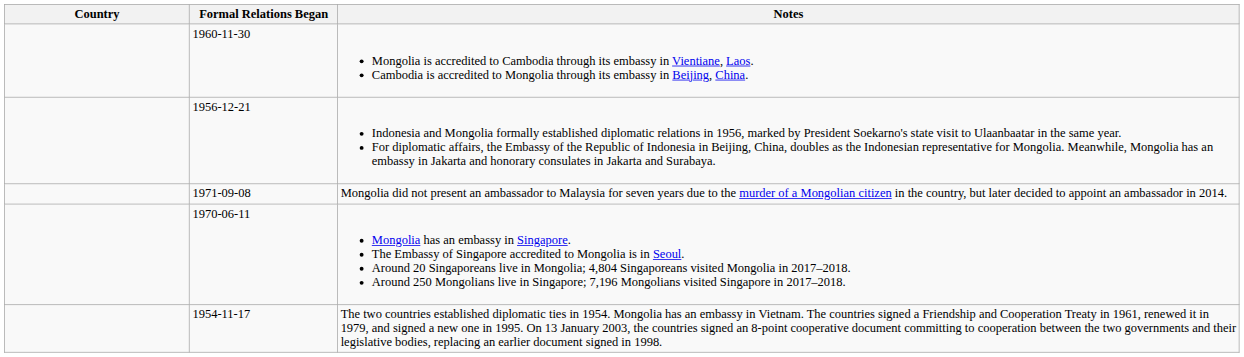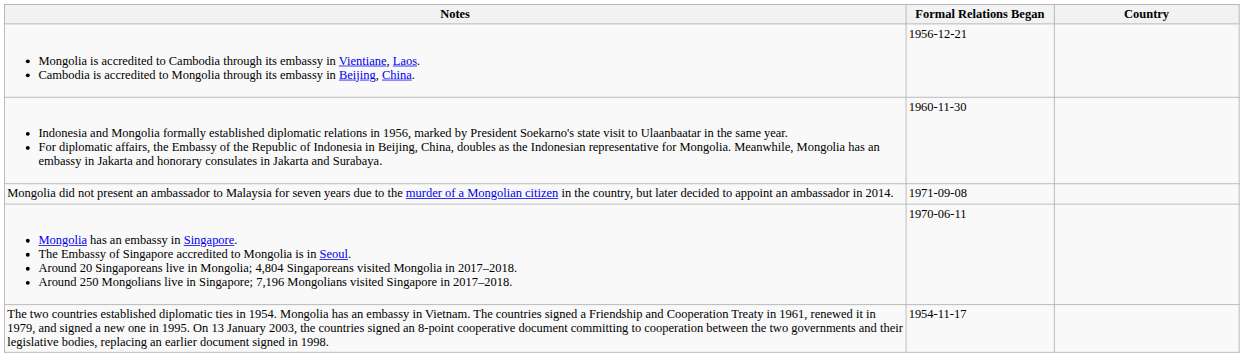 <table class="wikitable sortable" style="width:100%; margin:auto;">
 <tr>
+<th>Notes</th>
+<th style="width:12%;">Formal Relations Began</th>
 <th style="width:15%;">Country</th>
-<th style="width:12%;">Formal Relations Began</th>
-<th>Notes</th>
 </tr>
 <tr valign="top">
+<td><br><ul><li>Mongolia is accredited to Cambodia through its embassy in <a href='#'>Vientiane</a>, <a href='#'>Laos</a>.</li><li>Cambodia is accredited to Mongolia through its embassy in <a href='#'>Beijing</a>, <a href='#'>China</a>.</li></ul></td>
+<td>1956-12-21</td>
 <td></td>
-<td>1960-11-30</td>
-<td><br><ul><li>Mongolia is accredited to Cambodia through its embassy in <a href='#'>Vientiane</a>, <a href='#'>Laos</a>.</li><li>Cambodia is accredited to Mongolia through its embassy in <a href='#'>Beijing</a>, <a href='#'>China</a>.</li></ul></td>
 </tr>
 <tr valign="top">
+<td><br><ul><li>Indonesia and Mongolia formally established diplomatic relations in 1956, marked by President Soekarno's state visit to Ulaanbaatar in the same year.</li><li>For diplomatic affairs, the Embassy of the Republic of Indonesia in Beijing, China, doubles as the Indonesian representative for Mongolia. Meanwhile, Mongolia has an embassy in Jakarta and honorary consulates in Jakarta and Surabaya.</li></ul></td>
+<td>1960-11-30</td>
 <td></td>
-<td>1956-12-21</td>
-<td><br><ul><li>Indonesia and Mongolia formally established diplomatic relations in 1956, marked by President Soekarno's state visit to Ulaanbaatar in the same year.</li><li>For diplomatic affairs, the Embassy of the Republic of Indonesia in Beijing, China, doubles as the Indonesian representative for Mongolia. Meanwhile, Mongolia has an embassy in Jakarta and honorary consulates in Jakarta and Surabaya.</li></ul></td>
 </tr>
 <tr valign="top">
+<td>Mongolia did not present an ambassador to Malaysia for seven years due to the <a href='#'>murder of a Mongolian citizen</a> in the country, but later decided to appoint an ambassador in 2014.</td>
+<td>1971-09-08</td>
 <td></td>
-<td>1971-09-08</td>
-<td>Mongolia did not present an ambassador to Malaysia for seven years due to the <a href='#'>murder of a Mongolian citizen</a> in the country, but later decided to appoint an ambassador in 2014.</td>
 </tr>
 <tr valign="top">
+<td><br><ul><li><a href='#'>Mongolia</a> has an embassy in <a href='#'>Singapore</a>.</li><li>The Embassy of Singapore accredited to Mongolia is in <a href='#'>Seoul</a>.</li><li>Around 20 Singaporeans live in Mongolia; 4,804 Singaporeans visited Mongolia in 2017–2018.</li><li>Around 250 Mongolians live in Singapore; 7,196 Mongolians visited Singapore in 2017–2018.</li></ul></td>
+<td>1970-06-11</td>
 <td></td>
-<td>1970-06-11</td>
-<td><br><ul><li><a href='#'>Mongolia</a> has an embassy in <a href='#'>Singapore</a>.</li><li>The Embassy of Singapore accredited to Mongolia is in <a href='#'>Seoul</a>.</li><li>Around 20 Singaporeans live in Mongolia; 4,804 Singaporeans visited Mongolia in 2017–2018.</li><li>Around 250 Mongolians live in Singapore; 7,196 Mongolians visited Singapore in 2017–2018.</li></ul></td>
 </tr>
 <tr valign="top">
+<td>The two countries established diplomatic ties in 1954. Mongolia has an embassy in Vietnam. The countries signed a Friendship and Cooperation Treaty in 1961, renewed it in 1979, and signed a new one in 1995. On 13 January 2003, the countries signed an 8-point cooperative document committing to cooperation between the two governments and their legislative bodies, replacing an earlier document signed in 1998.</td>
+<td>1954-11-17</td>
 <td></td>
-<td>1954-11-17</td>
-<td>The two countries established diplomatic ties in 1954. Mongolia has an embassy in Vietnam. The countries signed a Friendship and Cooperation Treaty in 1961, renewed it in 1979, and signed a new one in 1995. On 13 January 2003, the countries signed an 8-point cooperative document committing to cooperation between the two governments and their legislative bodies, replacing an earlier document signed in 1998.</td>
 </tr>
 </table>
